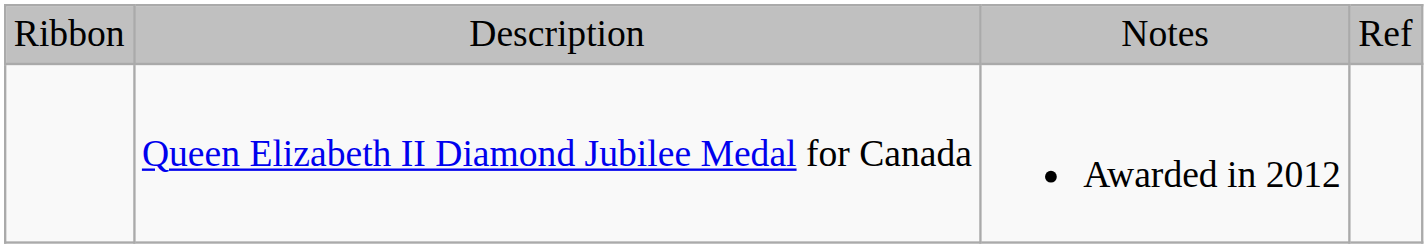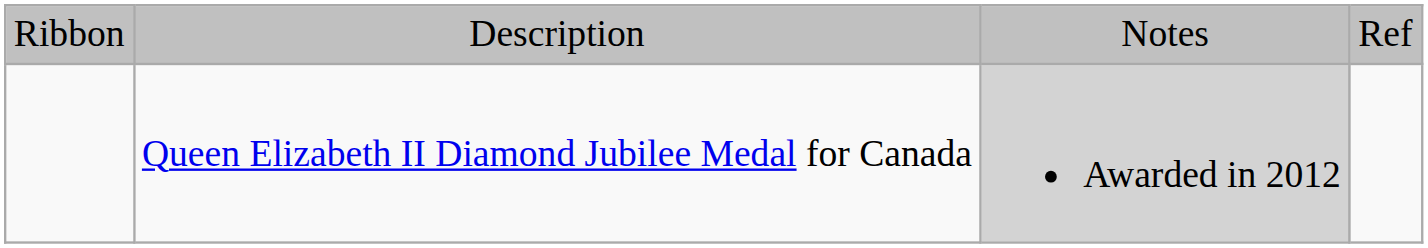 <table class="wikitable">
 <tr style="background:silver; text-align:center;">
 <td>Ribbon</td>
 <td>Description</td>
 <td>Notes</td>
 <td>Ref</td>
 </tr>
 <tr>
 <td></td>
 <td><a href='#'>Queen Elizabeth II Diamond Jubilee Medal</a> for Canada</td>
-<td><br><ul><li>Awarded in 2012</li></ul></td>
+<td style="background: lightgrey;"><br><ul><li>Awarded in 2012</li></ul></td>
 <td></td>
 </tr>
 </table>
